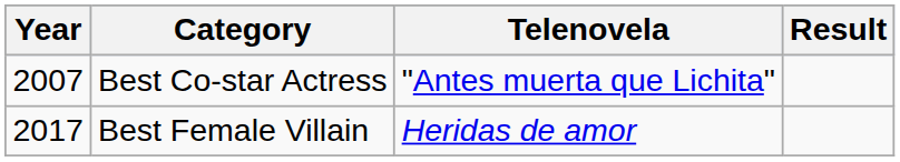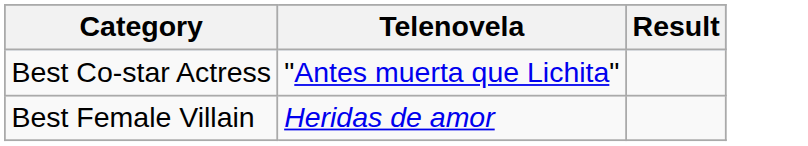 <table class="wikitable">
 <tr style="background:#b0c4de;">
-<th>Year</th>
 <th>Category</th>
 <th>Telenovela</th>
 <th>Result</th>
 </tr>
 <tr>
-<td>2007</td>
 <td>Best Co-star Actress</td>
 <td>"<a href='#'>Antes muerta que Lichita</a>"</td>
 <td></td>
 </tr>
 <tr>
-<td>2017</td>
 <td>Best Female Villain</td>
 <td><em><a href='#'>Heridas de amor</a></em></td>
 <td></td>
 </tr>
 </table>
